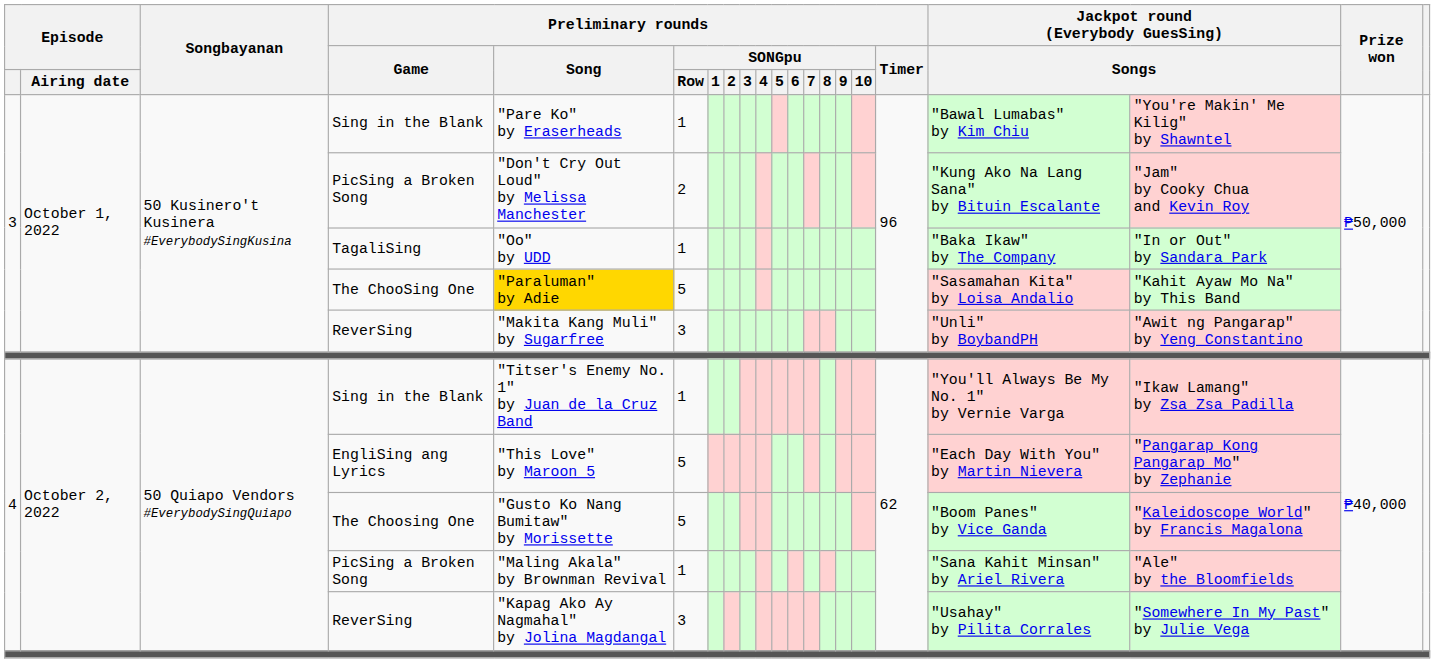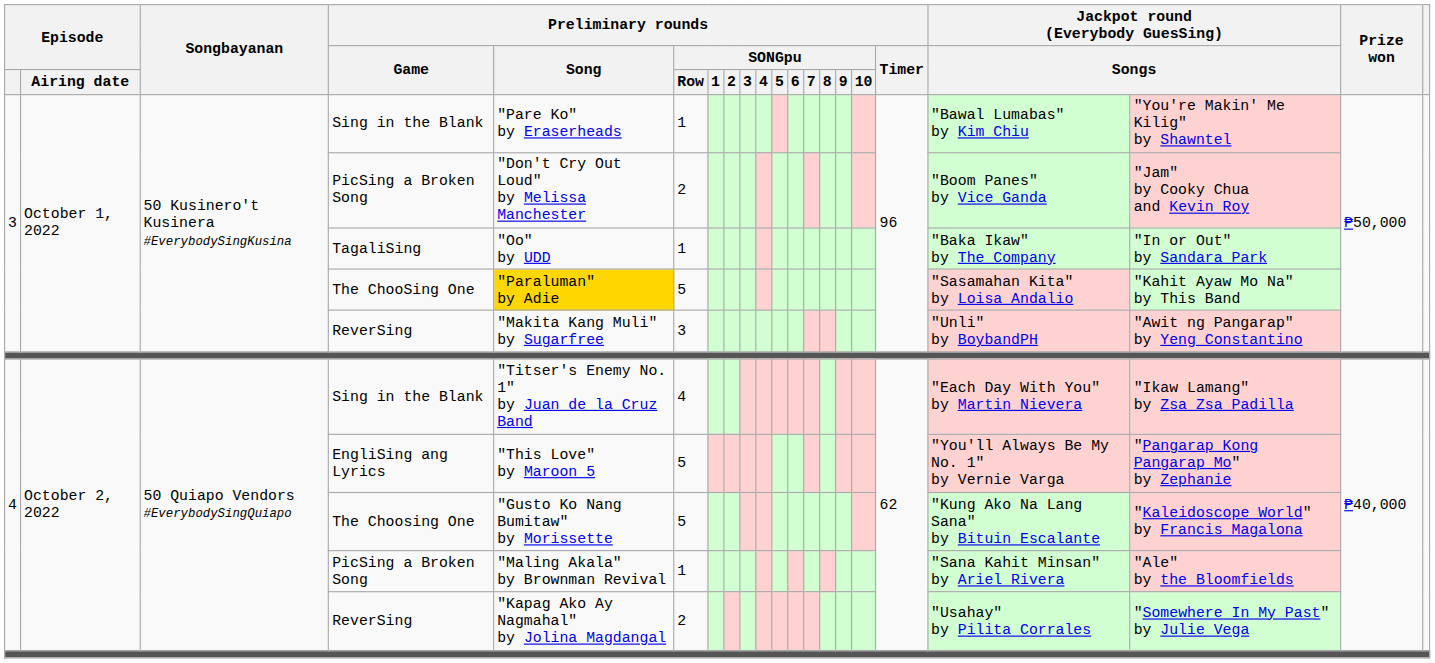 <table class="wikitable plainrowheaders mw-collapsible ">
 <tr>
 <th colspan="2" rowspan="2">Episode</th>
 <th rowspan="3">Songbayanan</th>
 <th colspan="14">Preliminary rounds</th>
 <th colspan="2">Jackpot round<br>(Everybody GuesSing)</th>
 <th rowspan="3">Prize won</th>
 <th rowspan="3"></th>
 </tr>
 <tr>
 <th rowspan="2">Game</th>
 <th rowspan="2">Song</th>
 <th colspan="11">SONGpu</th>
 <th rowspan="2">Timer</th>
 <th colspan="2" rowspan="2">Songs</th>
 </tr>
 <tr>
 <th></th>
 <th>Airing date</th>
 <th>Row</th>
 <th>1</th>
 <th>2</th>
 <th>3</th>
 <th>4</th>
 <th>5</th>
 <th>6</th>
 <th>7</th>
 <th>8</th>
 <th>9</th>
 <th>10</th>
 </tr>
 <tr>
 <td rowspan="5">3</td>
 <td rowspan="5">October 1, 2022</td>
 <td rowspan="5">50 Kusinero't Kusinera<br><small><em>#EverybodySingKusina</em></small></td>
 <td>Sing in the Blank</td>
 <td>"Pare Ko"<br>by <a href='#'>Eraserheads</a></td>
 <td>1</td>
 <td style="background:#D2FFD2"></td>
 <td style="background:#D2FFD2"></td>
 <td style="background:#D2FFD2"></td>
 <td style="background:#D2FFD2"></td>
 <td style="background:#FFD2D2"></td>
 <td style="background:#D2FFD2"></td>
 <td style="background:#D2FFD2"></td>
 <td style="background:#D2FFD2"></td>
 <td style="background:#D2FFD2"></td>
 <td style="background:#FFD2D2"></td>
 <td rowspan="5">96 </td>
 <td style="background:#D2FFD2">"Bawal Lumabas"<br>by <a href='#'>Kim Chiu</a></td>
 <td style="background:#FFD2D2">"You're Makin' Me Kilig"<br>by <a href='#'>Shawntel</a></td>
 <td rowspan="5"><a href='#'>₱</a>50,000</td>
 <td rowspan="5"></td>
 </tr>
 <tr>
 <td>PicSing a Broken Song</td>
 <td>"Don't Cry Out Loud"<br>by <a href='#'>Melissa Manchester</a></td>
 <td>2</td>
 <td style="background:#D2FFD2"></td>
 <td style="background:#D2FFD2"></td>
 <td style="background:#D2FFD2"></td>
 <td style="background:#FFD2D2"></td>
 <td style="background:#D2FFD2"></td>
 <td style="background:#D2FFD2"></td>
 <td style="background:#FFD2D2"></td>
 <td style="background:#D2FFD2"></td>
 <td style="background:#D2FFD2"></td>
 <td style="background:#FFD2D2"></td>
-<td style="background:#D2FFD2">"Kung Ako Na Lang Sana"<br>by <a href='#'>Bituin Escalante</a></td>
+<td style="background:#D2FFD2">"Boom Panes"<br>by <a href='#'>Vice Ganda</a></td>
 <td style="background:#FFD2D2">"Jam"<br>by Cooky Chua <br>and <a href='#'>Kevin Roy</a></td>
 </tr>
 <tr>
 <td>TagaliSing</td>
 <td>"Oo"<br>by <a href='#'>UDD</a></td>
 <td>1</td>
 <td style="background:#D2FFD2"></td>
 <td style="background:#D2FFD2"></td>
 <td style="background:#D2FFD2"></td>
 <td style="background:#FFD2D2"></td>
 <td style="background:#D2FFD2"></td>
 <td style="background:#D2FFD2"></td>
 <td style="background:#D2FFD2"></td>
 <td style="background:#D2FFD2"></td>
 <td style="background:#D2FFD2"></td>
 <td style="background:#D2FFD2"></td>
 <td style="background:#D2FFD2">"Baka Ikaw"<br>by <a href='#'>The Company</a></td>
 <td style="background:#D2FFD2">"In or Out"<br>by <a href='#'>Sandara Park</a></td>
 </tr>
 <tr>
 <td>The ChooSing One</td>
 <td style="background: gold;">"Paraluman"<br>by Adie</td>
 <td>5</td>
 <td style="background:#D2FFD2"></td>
 <td style="background:#D2FFD2"></td>
 <td style="background:#D2FFD2"></td>
 <td style="background:#FFD2D2"></td>
 <td style="background:#D2FFD2"></td>
 <td style="background:#D2FFD2"></td>
 <td style="background:#D2FFD2"></td>
 <td style="background:#D2FFD2"></td>
 <td style="background:#D2FFD2"></td>
 <td style="background:#D2FFD2"></td>
 <td style="background:#FFD2D2">"Sasamahan Kita"<br>by <a href='#'>Loisa Andalio</a></td>
 <td style="background:#D2FFD2">"Kahit Ayaw Mo Na"<br>by This Band</td>
 </tr>
 <tr>
 <td>ReverSing</td>
 <td>"Makita Kang Muli"<br>by <a href='#'>Sugarfree</a></td>
 <td>3</td>
 <td style="background:#D2FFD2"></td>
 <td style="background:#D2FFD2"></td>
 <td style="background:#D2FFD2"></td>
 <td style="background:#D2FFD2"></td>
 <td style="background:#D2FFD2"></td>
 <td style="background:#D2FFD2"></td>
 <td style="background:#FFD2D2"></td>
 <td style="background:#FFD2D2"></td>
 <td style="background:#D2FFD2"></td>
 <td style="background:#D2FFD2"></td>
 <td style="background:#FFD2D2">"Unli"<br>by <a href='#'>BoybandPH</a></td>
 <td style="background:#FFD2D2">"Awit ng Pangarap"<br>by <a href='#'>Yeng Constantino</a></td>
 </tr>
 <tr>
 <th colspan="21" style="background:#555;"></th>
 </tr>
 <tr>
 <td rowspan="5">4</td>
 <td rowspan="5">October 2, 2022</td>
 <td rowspan="5">50 Quiapo Vendors<br><small><em>#EverybodySingQuiapo</em></small></td>
 <td>Sing in the Blank</td>
 <td>"Titser's Enemy No. 1"<br>by <a href='#'>Juan de la Cruz Band</a></td>
-<td>1</td>
+<td>4</td>
 <td style="background:#D2FFD2"></td>
 <td style="background:#D2FFD2"></td>
 <td style="background:#FFD2D2"></td>
 <td style="background:#FFD2D2"></td>
 <td style="background:#FFD2D2"></td>
 <td style="background:#FFD2D2"></td>
 <td style="background:#FFD2D2"></td>
 <td style="background:#D2FFD2"></td>
 <td style="background:#FFD2D2"></td>
 <td style="background:#FFD2D2"></td>
 <td rowspan="5">62 </td>
-<td style="background:#FFD2D2">"You'll Always Be My No. 1"<br>by Vernie Varga</td>
+<td style="background:#FFD2D2">"Each Day With You"<br>by <a href='#'>Martin Nievera</a></td>
 <td style="background:#FFD2D2">"Ikaw Lamang"<br>by <a href='#'>Zsa Zsa Padilla</a></td>
 <td rowspan="5"><a href='#'>₱</a>40,000</td>
 <td rowspan="5"></td>
 </tr>
 <tr>
 <td>EngliSing ang Lyrics</td>
 <td>"This Love"<br>by <a href='#'>Maroon 5</a></td>
 <td>5</td>
 <td style="background:#FFD2D2"></td>
 <td style="background:#FFD2D2"></td>
 <td style="background:#FFD2D2"></td>
 <td style="background:#FFD2D2"></td>
 <td style="background:#D2FFD2"></td>
 <td style="background:#D2FFD2"></td>
 <td style="background:#FFD2D2"></td>
 <td style="background:#D2FFD2"></td>
 <td style="background:#FFD2D2"></td>
 <td style="background:#FFD2D2"></td>
-<td style="background:#FFD2D2">"Each Day With You"<br>by <a href='#'>Martin Nievera</a></td>
+<td style="background:#FFD2D2">"You'll Always Be My No. 1"<br>by Vernie Varga</td>
 <td style="background:#FFD2D2">"<a href='#'>Pangarap Kong Pangarap Mo</a>"<br>by <a href='#'>Zephanie</a></td>
 </tr>
 <tr>
 <td>The Choosing One</td>
 <td>"Gusto Ko Nang Bumitaw"<br>by <a href='#'>Morissette</a></td>
 <td>5</td>
 <td style="background:#D2FFD2"></td>
 <td style="background:#D2FFD2"></td>
 <td style="background:#FFD2D2"></td>
 <td style="background:#FFD2D2"></td>
 <td style="background:#D2FFD2"></td>
 <td style="background:#D2FFD2"></td>
 <td style="background:#D2FFD2"></td>
 <td style="background:#D2FFD2"></td>
 <td style="background:#D2FFD2"></td>
 <td style="background:#FFD2D2"></td>
-<td style="background:#D2FFD2">"Boom Panes"<br>by <a href='#'>Vice Ganda</a></td>
+<td style="background:#D2FFD2">"Kung Ako Na Lang Sana"<br>by <a href='#'>Bituin Escalante</a></td>
 <td style="background:#FFD2D2">"<a href='#'>Kaleidoscope World</a>"<br>by <a href='#'>Francis Magalona</a></td>
 </tr>
 <tr>
 <td>PicSing a Broken Song</td>
 <td>"Maling Akala"<br>by Brownman Revival</td>
 <td>1</td>
 <td style="background:#D2FFD2"></td>
 <td style="background:#D2FFD2"></td>
 <td style="background:#D2FFD2"></td>
 <td style="background:#FFD2D2"></td>
 <td style="background:#D2FFD2"></td>
 <td style="background:#FFD2D2"></td>
 <td style="background:#D2FFD2"></td>
 <td style="background:#FFD2D2"></td>
 <td style="background:#D2FFD2"></td>
 <td style="background:#D2FFD2"></td>
 <td style="background:#D2FFD2">"Sana Kahit Minsan"<br>by <a href='#'>Ariel Rivera</a></td>
 <td style="background:#FFD2D2">"Ale"<br>by <a href='#'>the Bloomfields</a></td>
 </tr>
 <tr>
 <td>ReverSing</td>
 <td>"Kapag Ako Ay Nagmahal"<br>by <a href='#'>Jolina Magdangal</a></td>
-<td>3</td>
+<td>2</td>
 <td style="background:#D2FFD2"></td>
 <td style="background:#FFD2D2"></td>
 <td style="background:#D2FFD2"></td>
 <td style="background:#FFD2D2"></td>
 <td style="background:#FFD2D2"></td>
 <td style="background:#FFD2D2"></td>
 <td style="background:#FFD2D2"></td>
 <td style="background:#D2FFD2"></td>
 <td style="background:#D2FFD2"></td>
 <td style="background:#D2FFD2"></td>
 <td style="background:#D2FFD2">"Usahay"<br>by <a href='#'>Pilita Corrales</a></td>
 <td style="background:#D2FFD2">"<a href='#'>Somewhere In My Past</a>"<br>by <a href='#'>Julie Vega</a></td>
 </tr>
 <tr>
 <th colspan="21" style="background:#555;"></th>
 </tr>
 <tr>
 </tr>
 </table>
